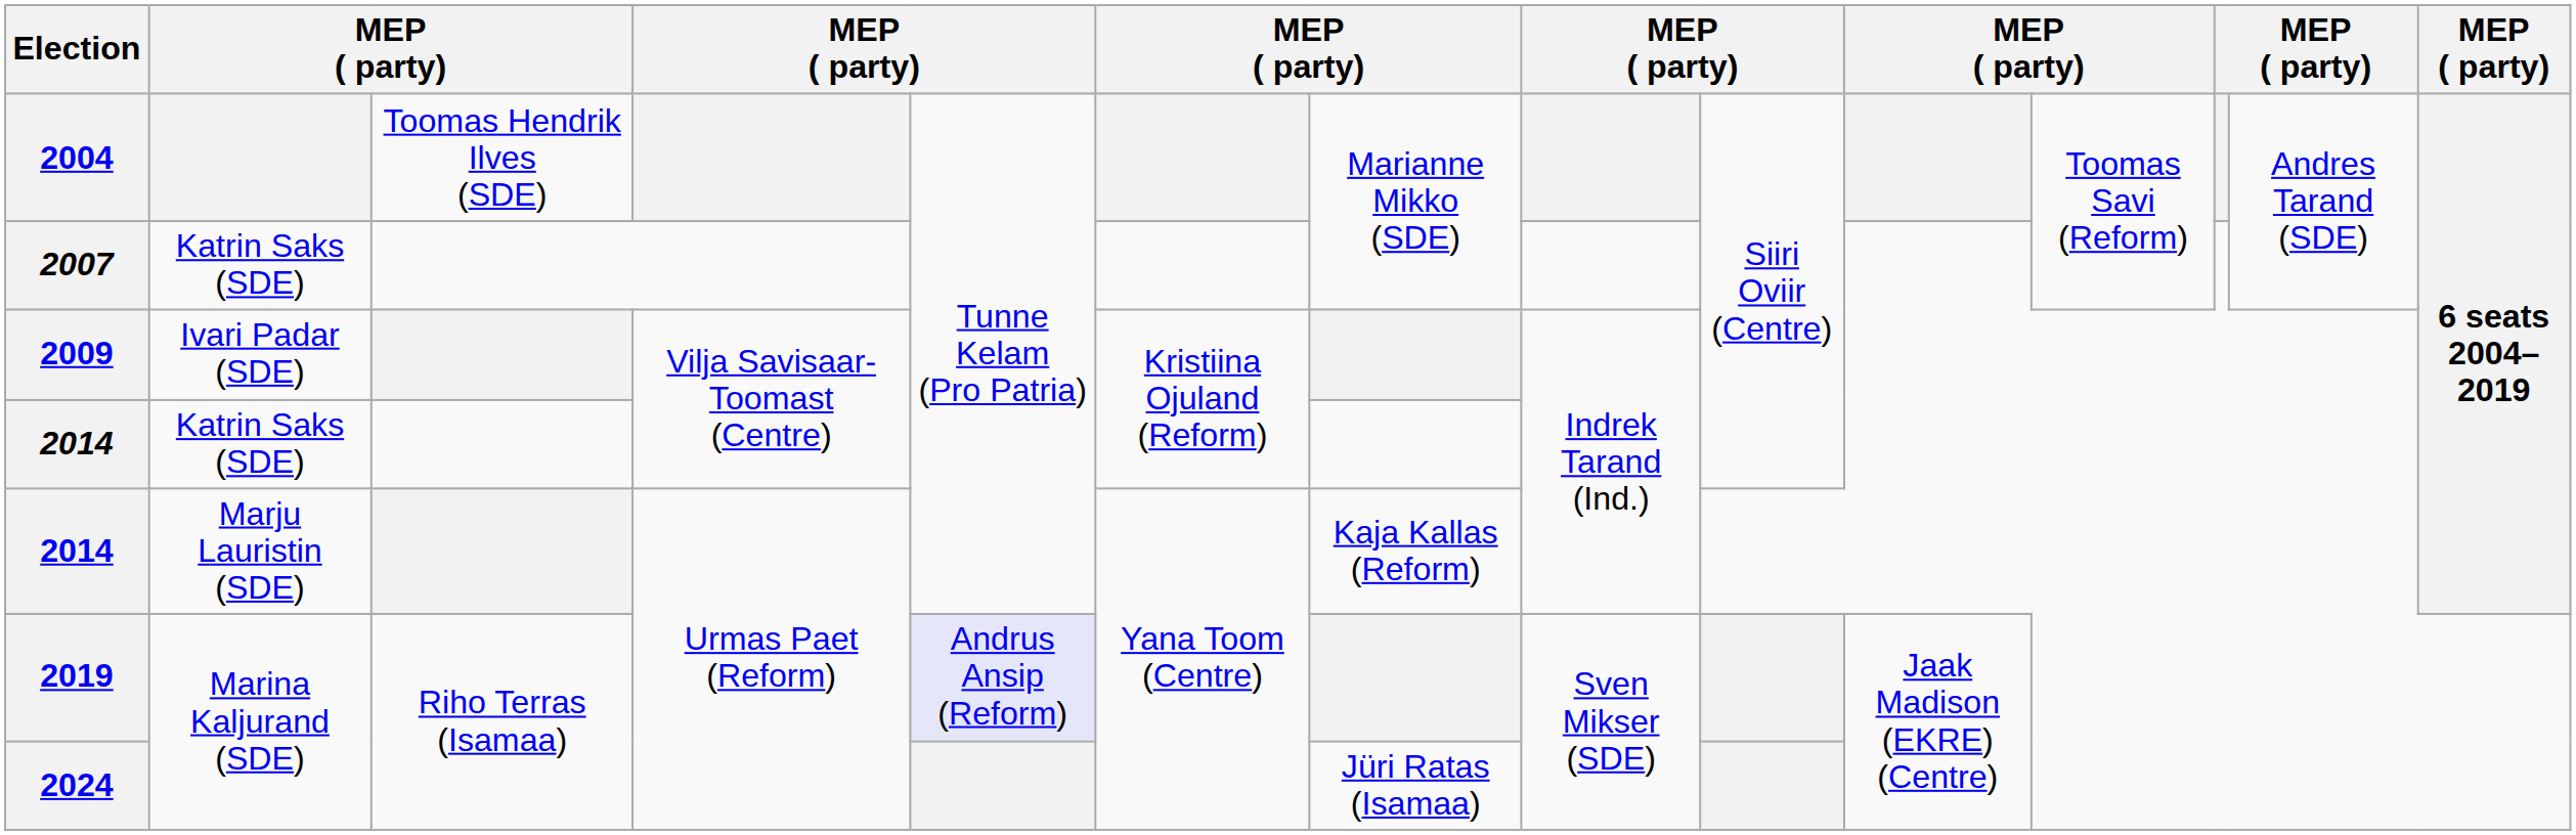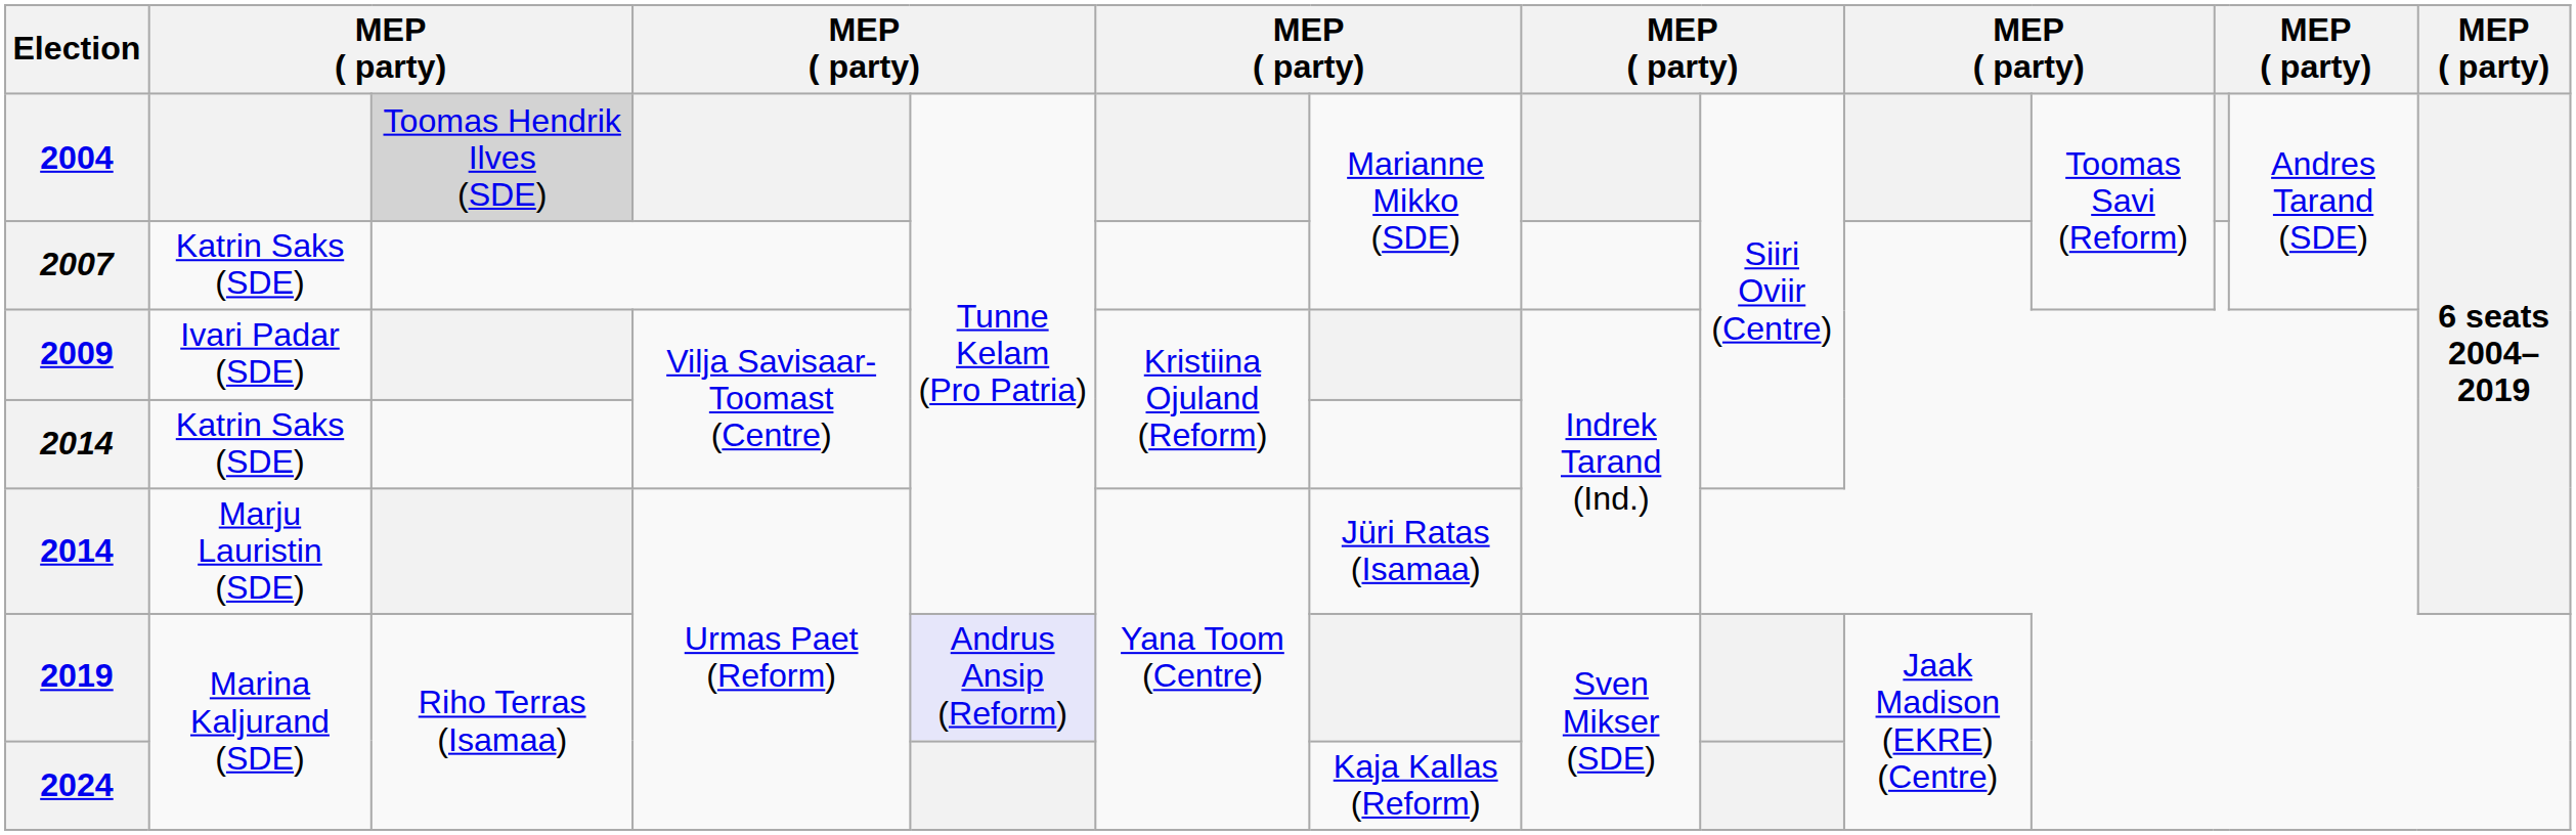 <table class= "wikitable" style= "text-align:center">
 <tr>
 <th>Election</th>
 <th colspan=2>MEP<br>( party)</th>
 <th colspan=2>MEP<br>( party)</th>
 <th colspan=2>MEP<br>( party)</th>
 <th colspan=2>MEP<br>( party)</th>
 <th colspan=2>MEP<br>( party)</th>
 <th colspan=2>MEP<br>( party)</th>
 <th colspan=2>MEP<br>( party)</th>
 </tr>
 <tr>
 <th><a href='#'>2004</a></th>
 <th style="background-color: "></th>
-<td rowspan=1><a href='#'>Toomas Hendrik Ilves</a><br>(<a href='#'>SDE</a>)</td>
+<td rowspan=1 style="background: lightgrey;"><a href='#'>Toomas Hendrik Ilves</a><br>(<a href='#'>SDE</a>)</td>
 <th style="background-color: "></th>
 <td rowspan=5><a href='#'>Tunne Kelam</a><br>(<a href='#'>Pro Patria</a>)</td>
 <th style="background-color: "></th>
 <td rowspan=2><a href='#'>Marianne Mikko</a><br>(<a href='#'>SDE</a>)</td>
 <th style="background-color: "></th>
 <td rowspan=4><a href='#'>Siiri Oviir</a><br>(<a href='#'>Centre</a>)</td>
 <th style="background-color: "></th>
 <td rowspan=2><a href='#'>Toomas Savi</a><br>(<a href='#'>Reform</a>)</td>
 <th style="background-color: "></th>
 <td rowspan=2><a href='#'>Andres Tarand</a><br>(<a href='#'>SDE</a>)</td>
 <th rowspan=5; colspan=2>6 seats<br>2004–2019</th>
 </tr>
 <tr>
 <th><em>2007</em></th>
 <td rowspan=1><a href='#'>Katrin Saks</a><br>(<a href='#'>SDE</a>)</td>
 </tr>
 <tr>
 <th><a href='#'>2009</a></th>
 <td rowspan=1><a href='#'>Ivari Padar</a><br>(<a href='#'>SDE</a>)</td>
 <th style="background-color: "></th>
 <td rowspan=2><a href='#'>Vilja Savisaar-Toomast</a><br>(<a href='#'>Centre</a>)</td>
 <td rowspan=2><a href='#'>Kristiina Ojuland</a><br>(<a href='#'>Reform</a>)</td>
 <th style="background-color: "></th>
 <td rowspan=3><a href='#'>Indrek Tarand</a><br>(Ind.)</td>
 </tr>
 <tr>
 <th><em>2014</em></th>
 <td rowspan=1><a href='#'>Katrin Saks</a><br>(<a href='#'>SDE</a>)</td>
 </tr>
 <tr>
 <th><a href='#'>2014</a></th>
 <td rowspan=1><a href='#'>Marju Lauristin</a><br>(<a href='#'>SDE</a>)</td>
 <th style="background-color: "></th>
 <td rowspan=3><a href='#'>Urmas Paet</a><br>(<a href='#'>Reform</a>)</td>
 <td rowspan=3><a href='#'>Yana Toom</a><br>(<a href='#'>Centre</a>)</td>
-<td rowspan=1><a href='#'>Kaja Kallas</a><br>(<a href='#'>Reform</a>)</td>
+<td><a href='#'>Jüri Ratas</a><br>(<a href='#'>Isamaa</a>)</td>
 </tr>
 <tr>
 <th><a href='#'>2019</a></th>
 <td rowspan=2><a href='#'>Marina Kaljurand</a><br>(<a href='#'>SDE</a>)</td>
 <td rowspan=2><a href='#'>Riho Terras</a><br>(<a href='#'>Isamaa</a>)</td>
 <td style="background: lavender;"><a href='#'>Andrus Ansip</a><br>(<a href='#'>Reform</a>)</td>
 <th style="background-color: "></th>
 <td rowspan=2><a href='#'>Sven Mikser</a><br>(<a href='#'>SDE</a>)</td>
 <th style="background-color: "></th>
 <td rowspan=2><a href='#'>Jaak Madison</a><br>(<a href='#'>EKRE</a>)<br>(<a href='#'>Centre</a>)</td>
 </tr>
 <tr>
 <th><a href='#'>2024</a></th>
 <th style="background-color: "></th>
-<td><a href='#'>Jüri Ratas</a><br>(<a href='#'>Isamaa</a>)</td>
+<td rowspan=1><a href='#'>Kaja Kallas</a><br>(<a href='#'>Reform</a>)</td>
 <th style="background-color: "></th>
 </tr>
 </table>
